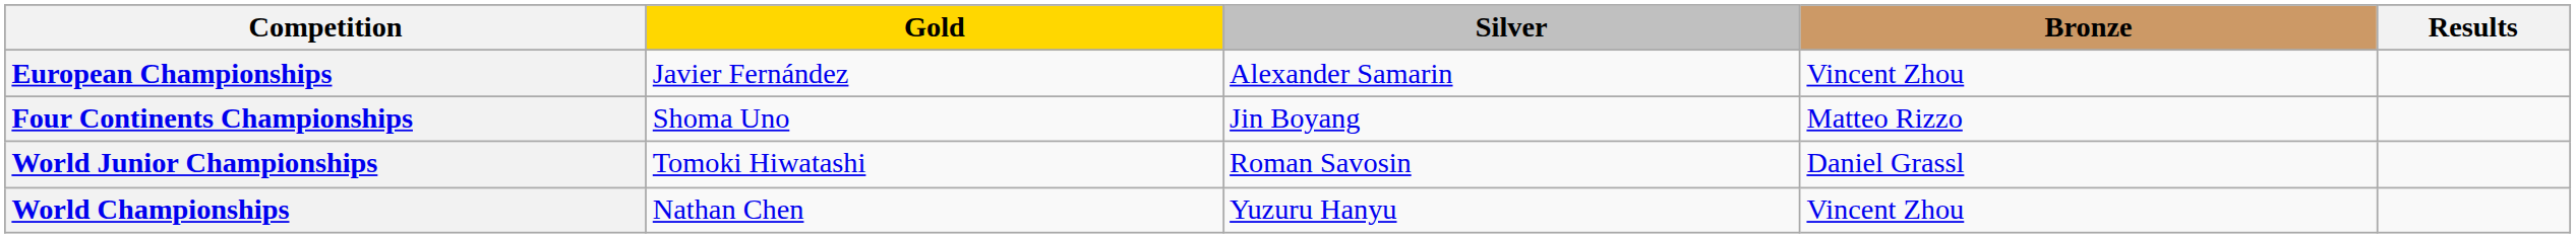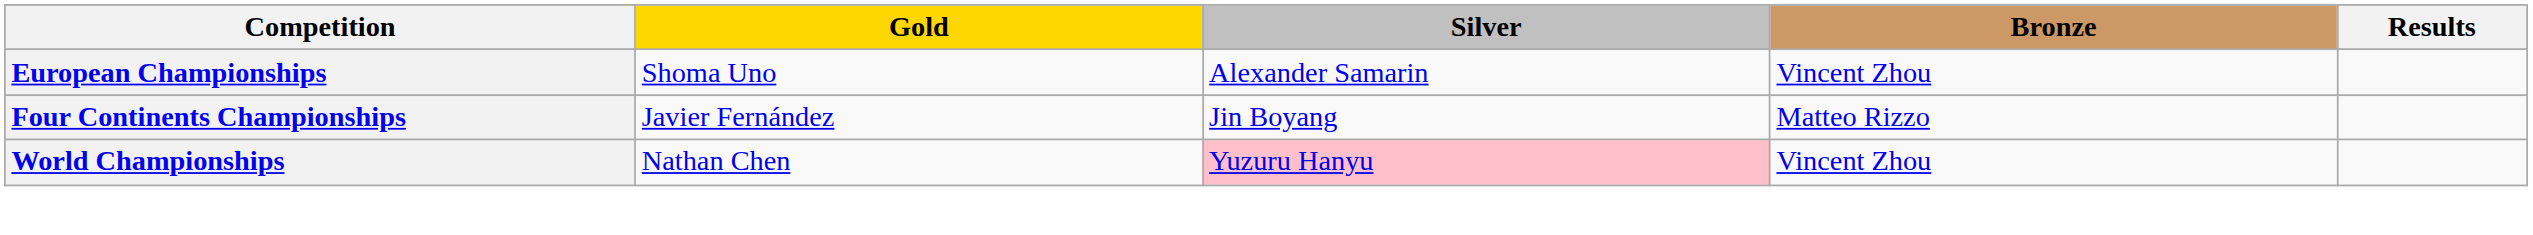 <table class="wikitable unsortable" style="text-align:left; width:90%">
 <tr>
 <th scope="col" style="text-align:center; width:25%;">Competition</th>
 <td scope="col" style="text-align:center; width:22.5%; background:gold"><strong>Gold</strong></td>
 <td scope="col" style="text-align:center; width:22.5%; background:silver"><strong>Silver</strong></td>
 <td scope="col" style="text-align:center; width:22.5%; background:#c96"><strong>Bronze</strong></td>
 <th scope="col" style="text-align:center; width:7.5%;">Results</th>
 </tr>
 <tr>
 <th scope="row" style="text-align:left"> <a href='#'>European Championships</a></th>
-<td> <a href='#'>Javier Fernández</a></td>
+<td> <a href='#'>Shoma Uno</a></td>
 <td> <a href='#'>Alexander Samarin</a></td>
 <td> <a href='#'>Vincent Zhou</a></td>
 <td></td>
 </tr>
 <tr>
 <th scope="row" style="text-align:left"> <a href='#'>Four Continents Championships</a></th>
-<td> <a href='#'>Shoma Uno</a></td>
+<td> <a href='#'>Javier Fernández</a></td>
 <td> <a href='#'>Jin Boyang</a></td>
 <td> <a href='#'>Matteo Rizzo</a></td>
 <td></td>
 </tr>
 <tr>
-<th scope="row" style="text-align:left"> <a href='#'>World Junior Championships</a></th>
-<td> <a href='#'>Tomoki Hiwatashi</a></td>
-<td> <a href='#'>Roman Savosin</a></td>
-<td> <a href='#'>Daniel Grassl</a></td>
-<td></td>
-</tr>
-<tr>
 <th scope="row" style="text-align:left"> <a href='#'>World Championships</a></th>
 <td> <a href='#'>Nathan Chen</a></td>
-<td> <a href='#'>Yuzuru Hanyu</a></td>
+<td style="background: pink;"> <a href='#'>Yuzuru Hanyu</a></td>
 <td> <a href='#'>Vincent Zhou</a></td>
 <td></td>
 </tr>
 </table>
